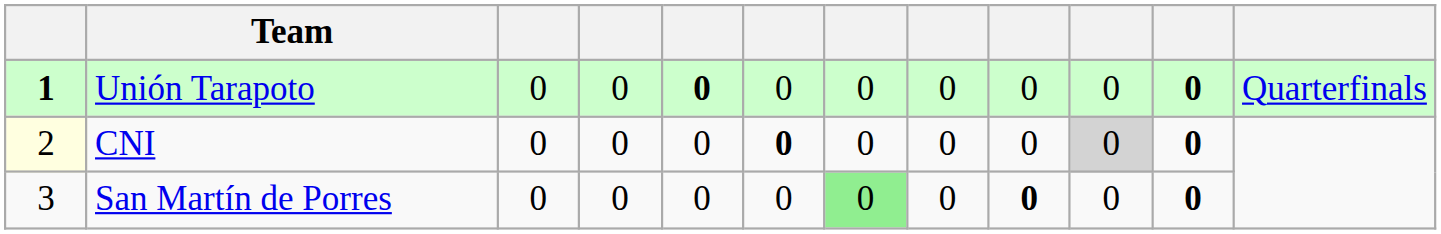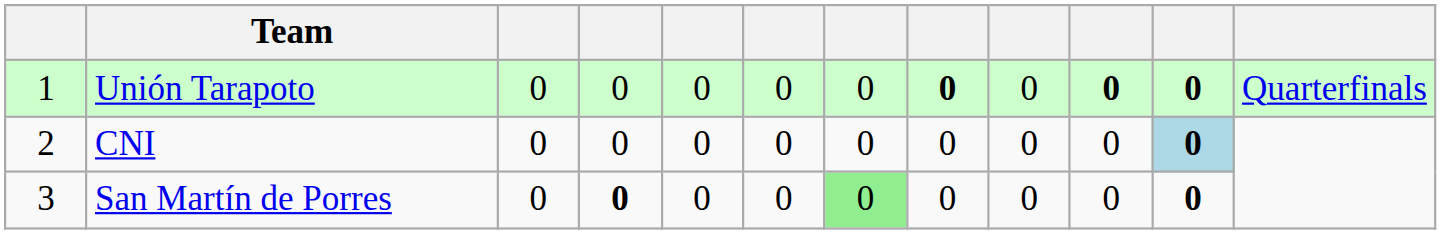 <table class="wikitable" style="text-align:center;">
 <tr>
 <th width="30"></th>
 <th width="180">Team</th>
 <th width="30"></th>
 <th width="30"></th>
 <th width="30"></th>
 <th width="30"></th>
 <th width="30"></th>
 <th width="30"></th>
 <th width="30"></th>
 <th width="30"></th>
 <th width="30"></th>
 <th width="30"></th>
 </tr>
 <tr bgcolor=ccffcc>
-<td><strong>1</strong></td>
+<td>1</td>
 <td align=left><a href='#'>Unión Tarapoto</a></td>
-<td>0</td>
-<td>0</td>
-<td><strong>0</strong></td>
 <td>0</td>
 <td>0</td>
 <td>0</td>
 <td>0</td>
 <td>0</td>
 <td><strong>0</strong></td>
+<td>0</td>
+<td><strong>0</strong></td>
+<td><strong>0</strong></td>
 <td><a href='#'>Quarterfinals</a></td>
 </tr>
 <tr>
-<td style="background: lightyellow;">2</td>
+<td>2</td>
 <td align=left><a href='#'>CNI</a></td>
 <td>0</td>
 <td>0</td>
 <td>0</td>
-<td><strong>0</strong></td>
 <td>0</td>
 <td>0</td>
 <td>0</td>
-<td style="background: lightgrey;">0</td>
-<td><strong>0</strong></td>
+<td>0</td>
+<td>0</td>
+<td style="background: lightblue;"><strong>0</strong></td>
 </tr>
 <tr>
 <td>3</td>
 <td align=left><a href='#'>San Martín de Porres</a></td>
 <td>0</td>
-<td>0</td>
+<td><strong>0</strong></td>
 <td>0</td>
 <td>0</td>
 <td style="background: lightgreen;">0</td>
 <td>0</td>
-<td><strong>0</strong></td>
+<td>0</td>
 <td>0</td>
 <td><strong>0</strong></td>
 </tr>
 </table>
